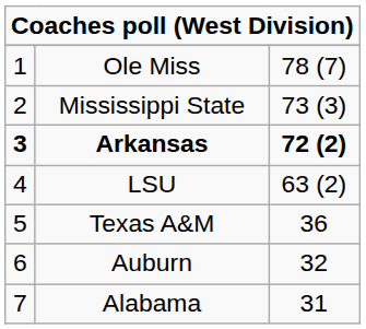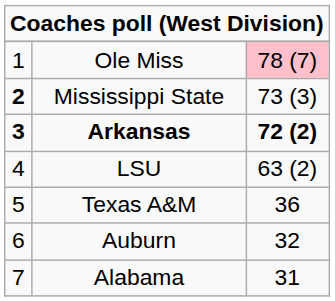 <table class="wikitable" style="display: inline-table;">
 <tr>
 <td align="center" Colspan="3"><strong>Coaches poll (West Division)</strong></td>
 </tr>
 <tr align="center">
 </tr>
 <tr align="center">
 <td>1</td>
 <td>Ole Miss</td>
-<td>78 (7)</td>
+<td style="background: pink;">78 (7)</td>
 </tr>
 <tr align="center">
-<td>2</td>
+<td><strong>2</strong></td>
 <td>Mississippi State</td>
 <td>73 (3)</td>
 </tr>
 <tr align="center">
 <td><strong>3</strong></td>
 <td><strong>Arkansas</strong></td>
 <td><strong>72 (2)</strong></td>
 </tr>
 <tr align="center">
 <td>4</td>
 <td>LSU</td>
 <td>63 (2)</td>
 </tr>
 <tr align="center">
 <td>5</td>
 <td>Texas A&M</td>
 <td>36</td>
 </tr>
 <tr align="center">
 <td>6</td>
 <td>Auburn</td>
 <td>32</td>
 </tr>
 <tr align="center">
 <td>7</td>
 <td>Alabama</td>
 <td>31</td>
 </tr>
 </table>
